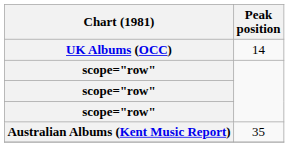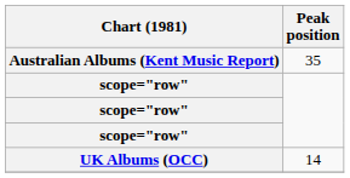 <table class="wikitable plainrowheaders">
 <tr>
 <th scope="col">Chart (1981)</th>
 <th scope="col">Peak<br>position</th>
 </tr>
 <tr>
-<th scope="row"><a href='#'>UK Albums</a> (<a href='#'>OCC</a>)</th>
-<td align="center">14</td>
+<th scope="row">Australian Albums (<a href='#'>Kent Music Report</a>)</th>
+<td align="center">35</td>
 </tr>
 <tr>
 <th>scope="row"</th>
 </tr>
 <tr>
 <th>scope="row"</th>
 </tr>
 <tr>
 <th>scope="row"</th>
 </tr>
 <tr>
-<th scope="row">Australian Albums (<a href='#'>Kent Music Report</a>)</th>
-<td align="center">35</td>
+<th scope="row"><a href='#'>UK Albums</a> (<a href='#'>OCC</a>)</th>
+<td align="center">14</td>
 </tr>
 <tr>
 </tr>
 </table>
